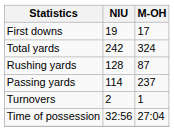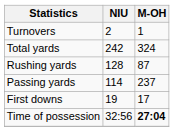 <table class="wikitable" style="float: left;">
 <tr>
 <th>Statistics</th>
 <th>NIU</th>
 <th>M-OH</th>
 </tr>
 <tr>
-<td>First downs</td>
-<td>19</td>
-<td>17</td>
+<td>Turnovers</td>
+<td>2</td>
+<td>1</td>
 </tr>
 <tr>
 <td>Total yards</td>
 <td>242</td>
 <td>324</td>
 </tr>
 <tr>
 <td>Rushing yards</td>
 <td>128</td>
 <td>87</td>
 </tr>
 <tr>
 <td>Passing yards</td>
 <td>114</td>
 <td>237</td>
 </tr>
 <tr>
-<td>Turnovers</td>
-<td>2</td>
-<td>1</td>
+<td>First downs</td>
+<td>19</td>
+<td>17</td>
 </tr>
 <tr>
 <td>Time of possession</td>
 <td>32:56</td>
-<td>27:04</td>
+<td><strong>27:04</strong></td>
 </tr>
 <tr>
 </tr>
 </table>
